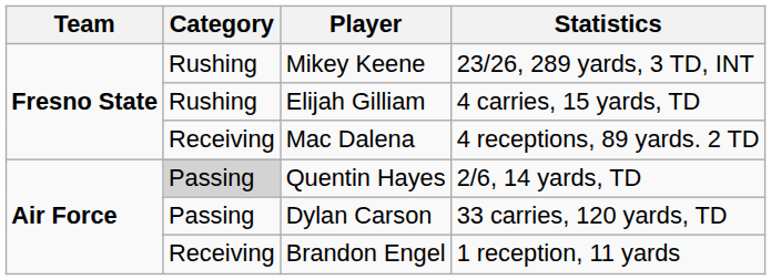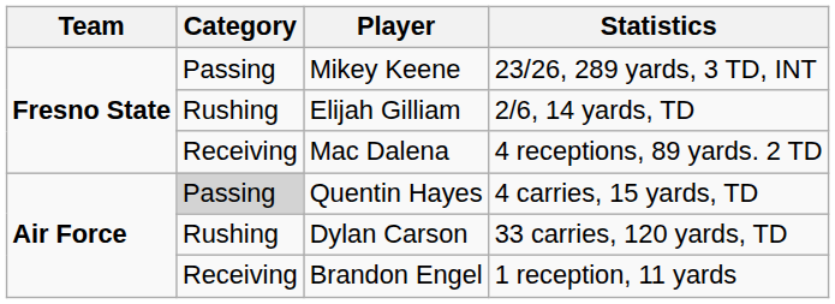 <table class="wikitable" style="float: right;">
 <tr>
 <th>Team</th>
 <th>Category</th>
 <th>Player</th>
 <th>Statistics</th>
 </tr>
 <tr>
 <td rowspan=3><strong>Fresno State</strong></td>
-<td>Rushing</td>
+<td>Passing</td>
 <td>Mikey Keene</td>
 <td>23/26, 289 yards, 3 TD, INT</td>
 </tr>
 <tr>
 <td>Rushing</td>
 <td>Elijah Gilliam</td>
-<td>4 carries, 15 yards, TD</td>
+<td>2/6, 14 yards, TD</td>
 </tr>
 <tr>
 <td>Receiving</td>
 <td>Mac Dalena</td>
 <td>4 receptions, 89 yards. 2 TD</td>
 </tr>
 <tr>
 <td rowspan=3><strong>Air Force</strong></td>
 <td style="background: lightgrey;">Passing</td>
 <td>Quentin Hayes</td>
-<td>2/6, 14 yards, TD</td>
+<td>4 carries, 15 yards, TD</td>
 </tr>
 <tr>
-<td>Passing</td>
+<td>Rushing</td>
 <td>Dylan Carson</td>
 <td>33 carries, 120 yards, TD</td>
 </tr>
 <tr>
 <td>Receiving</td>
 <td>Brandon Engel</td>
 <td>1 reception, 11 yards</td>
 </tr>
 </table>
